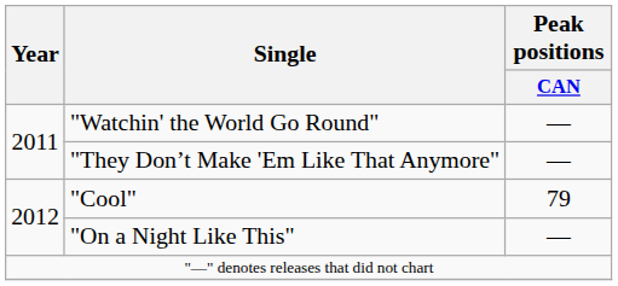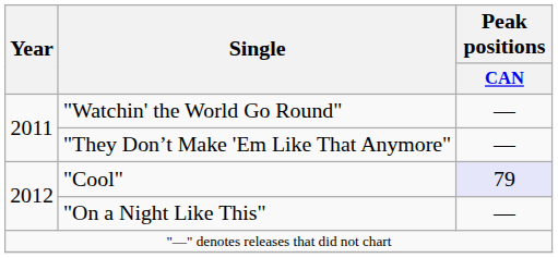 <table class="wikitable" style="text-align:center;">
 <tr>
 <th rowspan="2">Year</th>
 <th rowspan="2">Single</th>
 <th>Peak positions</th>
 </tr>
 <tr style="font-size:smaller;">
 <th width="65"><a href='#'>CAN</a></th>
 </tr>
 <tr>
 <td rowspan="2">2011</td>
 <td align="left">"Watchin' the World Go Round"</td>
 <td>—</td>
 </tr>
 <tr>
 <td align="left">"They Don’t Make 'Em Like That Anymore"</td>
 <td>—</td>
 </tr>
 <tr>
 <td rowspan="2">2012</td>
 <td align="left">"Cool"</td>
-<td>79</td>
+<td style="background: lavender;">79</td>
 </tr>
 <tr>
 <td align="left">"On a Night Like This"</td>
 <td>—</td>
 </tr>
 <tr>
 <td colspan="3" style="font-size:8pt">"—" denotes releases that did not chart</td>
 </tr>
 <tr>
 </tr>
 </table>
